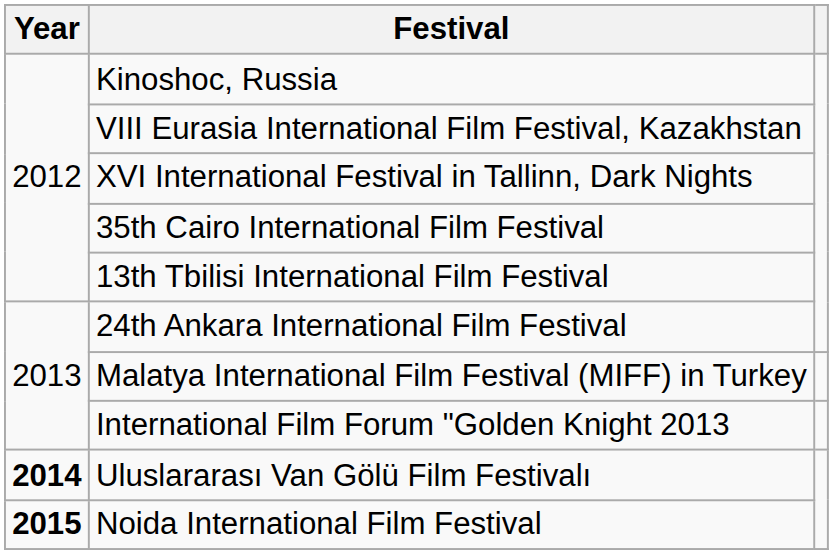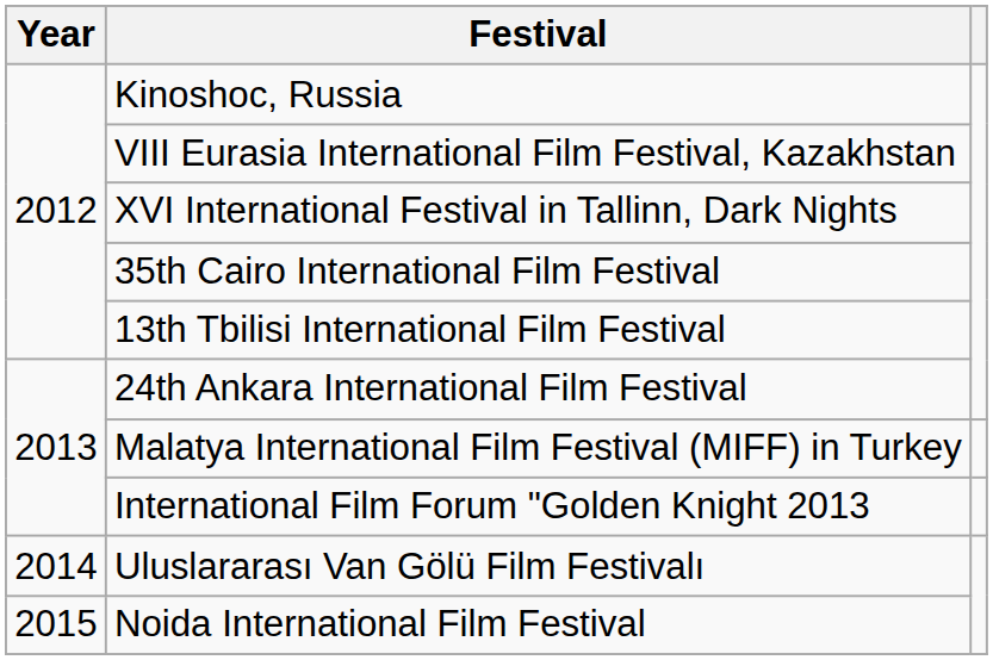 <table class="wikitable">
 <tr>
 <th>Year</th>
 <th>Festival</th>
 <th class="unsortable"></th>
 </tr>
 <tr>
 <td rowspan="5">2012</td>
 <td>Kinoshoc, Russia</td>
 <td rowspan="6" style="text-align:center;"></td>
 </tr>
 <tr>
 <td>VIII Eurasia International Film Festival, Kazakhstan</td>
 </tr>
 <tr>
 <td>XVI International Festival in Tallinn, Dark Nights</td>
 </tr>
 <tr>
 <td>35th Cairo International Film Festival</td>
 </tr>
 <tr>
 <td>13th Tbilisi International Film Festival</td>
 </tr>
 <tr>
 <td rowspan="3">2013</td>
 <td>24th Ankara International Film Festival</td>
 </tr>
 <tr>
 <td>Malatya International Film Festival (MIFF) in Turkey</td>
 <td style="text-align:center;"></td>
 </tr>
 <tr>
 <td>International Film Forum "Golden Knight 2013</td>
 <td style="text-align:center;"></td>
 </tr>
 <tr>
-<td><strong>2014</strong></td>
+<td>2014</td>
 <td>Uluslararası Van Gölü Film Festivalı</td>
 <td rowspan="2" style="text-align:center;"></td>
 </tr>
 <tr>
-<td><strong>2015</strong></td>
+<td>2015</td>
 <td>Noida International Film Festival</td>
 </tr>
 </table>
